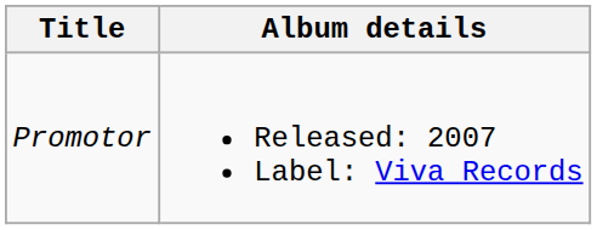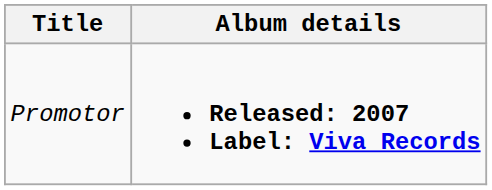 <table class="wikitable">
 <tr>
 <th>Title</th>
 <th>Album details</th>
 </tr>
 <tr>
 <td><em>Promotor</em></td>
-<td><br><ul><li>Released: 2007</li><li>Label: <a href='#'>Viva Records</a></li></ul></td>
+<td><strong><br><ul><li>Released: 2007</li><li>Label: <a href='#'>Viva Records</a></li></ul></strong></td>
 </tr>
 </table>
